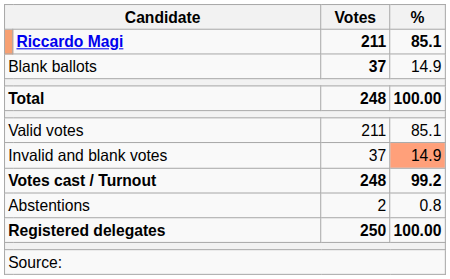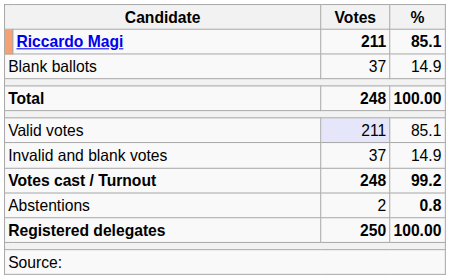 <table class="wikitable" style="text-align:right; font-size:95%;">
 <tr>
 <th colspan="2" width="300">Candidate</th>
 <th width="60">Votes</th>
 <th width="40">%</th>
 </tr>
 <tr>
 <td width="1" style="color:inherit;background:#F7A072"></td>
 <td align="left"><strong><a href='#'>Riccardo Magi</a></strong></td>
 <td><strong>211</strong></td>
 <td><strong>85.1</strong></td>
 </tr>
 <tr>
 <td align="left" colspan="2">Blank ballots</td>
-<td><strong>37</strong></td>
+<td>37</td>
 <td>14.9</td>
 </tr>
 <tr>
 <th colspan="4"></th>
 </tr>
 <tr style="font-weight:bold;">
 <td align="left" colspan="2">Total</td>
 <td>248</td>
 <td>100.00</td>
 </tr>
 <tr>
 <th colspan="4"></th>
 </tr>
 <tr>
 <td colspan="2" align=left>Valid votes</td>
-<td>211</td>
+<td style="background: lavender;">211</td>
 <td>85.1</td>
 </tr>
 <tr>
 <td colspan="2" align=left>Invalid and blank votes</td>
 <td>37</td>
-<td style="background: lightsalmon;">14.9</td>
+<td>14.9</td>
 </tr>
 <tr>
 <td colspan="2" align="left"><strong>Votes cast / Turnout</strong></td>
 <td><strong>248</strong></td>
 <td><strong>99.2</strong></td>
 </tr>
 <tr>
 <td colspan="2" align="left">Abstentions</td>
 <td>2</td>
-<td>0.8</td>
+<td><strong>0.8</strong></td>
 </tr>
 <tr>
 <td colspan="2" align="left"><strong>Registered delegates</strong></td>
 <td align="right"><strong>250</strong></td>
 <td align="right"><strong>100.00</strong></td>
 </tr>
 <tr>
 <th colspan="4"></th>
 </tr>
 <tr>
 <td colspan="4" align="left">Source: </td>
 </tr>
 </table>
